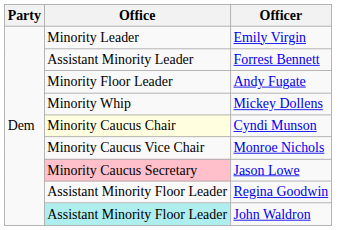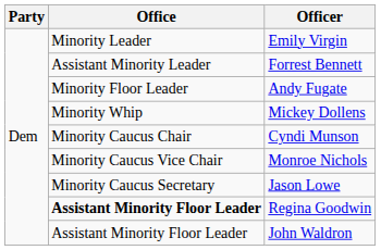 <table class=wikitable>
 <tr>
 <th>Party</th>
 <th>Office</th>
 <th>Officer</th>
 </tr>
 <tr>
 <td rowspan=9 style="background: ">Dem</td>
 <td>Minority Leader</td>
 <td><a href='#'>Emily Virgin</a></td>
 </tr>
 <tr>
 <td>Assistant Minority Leader</td>
 <td><a href='#'>Forrest Bennett</a></td>
 </tr>
 <tr>
 <td>Minority Floor Leader</td>
 <td><a href='#'>Andy Fugate</a></td>
 </tr>
 <tr>
 <td>Minority Whip</td>
 <td><a href='#'>Mickey Dollens</a></td>
 </tr>
 <tr>
-<td style="background: lightyellow;">Minority Caucus Chair</td>
+<td>Minority Caucus Chair</td>
 <td><a href='#'>Cyndi Munson</a></td>
 </tr>
 <tr>
 <td>Minority Caucus Vice Chair</td>
 <td><a href='#'>Monroe Nichols</a></td>
 </tr>
 <tr>
-<td style="background: pink;">Minority Caucus Secretary</td>
+<td>Minority Caucus Secretary</td>
 <td><a href='#'>Jason Lowe</a></td>
 </tr>
 <tr>
-<td>Assistant Minority Floor Leader</td>
+<td><strong>Assistant Minority Floor Leader</strong></td>
 <td><a href='#'>Regina Goodwin</a></td>
 </tr>
 <tr>
-<td style="background: paleturquoise;">Assistant Minority Floor Leader</td>
+<td>Assistant Minority Floor Leader</td>
 <td><a href='#'>John Waldron</a></td>
 </tr>
 </table>
